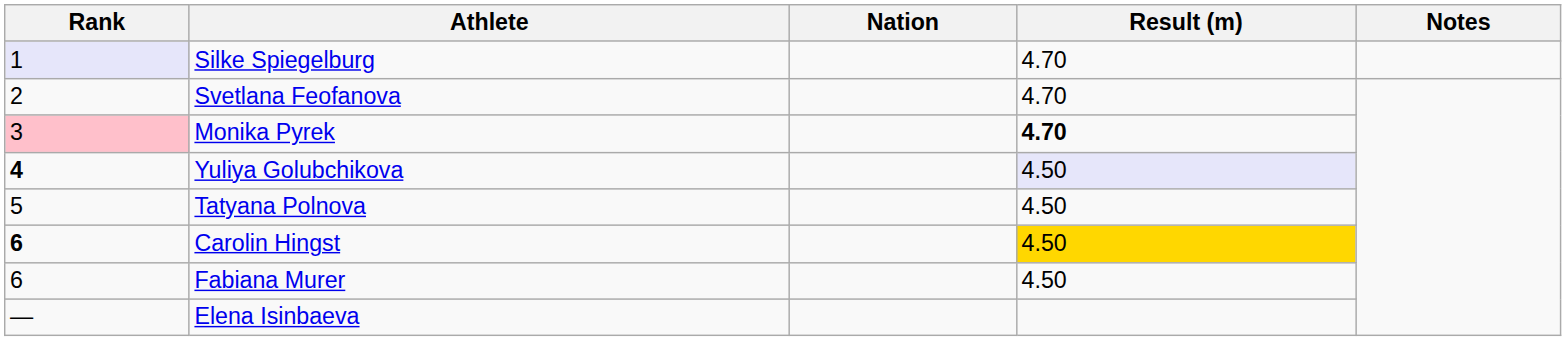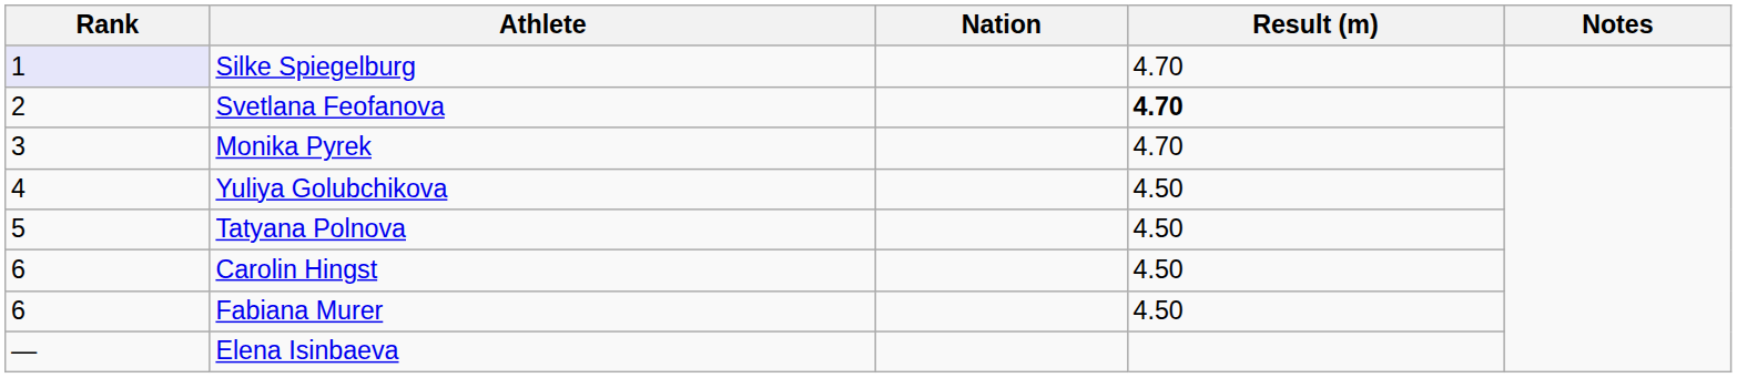 <table class="wikitable" style="text=align:center;" width=85%>
 <tr>
 <th>Rank</th>
 <th>Athlete</th>
 <th>Nation</th>
 <th>Result (m)</th>
 <th>Notes</th>
 </tr>
 <tr>
 <td style="background: lavender;">1</td>
 <td><a href='#'>Silke Spiegelburg</a></td>
 <td></td>
 <td>4.70</td>
 <td></td>
 </tr>
 <tr>
 <td>2</td>
 <td><a href='#'>Svetlana Feofanova</a></td>
 <td></td>
+<td><strong>4.70</strong></td>
+</tr>
+<tr>
+<td>3</td>
+<td><a href='#'>Monika Pyrek</a></td>
+<td></td>
 <td>4.70</td>
 </tr>
 <tr>
-<td style="background: pink;">3</td>
-<td><a href='#'>Monika Pyrek</a></td>
-<td></td>
-<td><strong>4.70</strong></td>
-</tr>
-<tr>
-<td><strong>4</strong></td>
+<td>4</td>
 <td><a href='#'>Yuliya Golubchikova</a></td>
 <td></td>
-<td style="background: lavender;">4.50</td>
+<td>4.50</td>
 </tr>
 <tr>
 <td>5</td>
 <td><a href='#'>Tatyana Polnova</a></td>
 <td></td>
 <td>4.50</td>
 </tr>
 <tr>
-<td><strong>6</strong></td>
+<td>6</td>
 <td><a href='#'>Carolin Hingst</a></td>
 <td></td>
-<td style="background: gold;">4.50</td>
+<td>4.50</td>
 </tr>
 <tr>
 <td>6</td>
 <td><a href='#'>Fabiana Murer</a></td>
 <td></td>
 <td>4.50</td>
 </tr>
 <tr>
 <td>—</td>
 <td><a href='#'>Elena Isinbaeva</a></td>
 <td></td>
 <td></td>
 </tr>
 </table>
